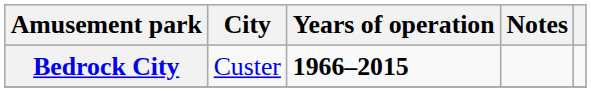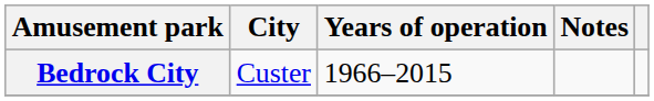 <table class="wikitable plainrowheaders sortable">
 <tr>
 <th scope="col">Amusement park</th>
 <th scope="col">City</th>
 <th scope="col">Years of operation</th>
 <th scope="col" class="unsortable">Notes</th>
 <th scope="col" class="unsortable"></th>
 </tr>
 <tr>
 <th scope="row"><a href='#'>Bedrock City</a></th>
 <td><a href='#'>Custer</a></td>
-<td><strong>1966–2015</strong></td>
+<td>1966–2015</td>
 <td></td>
 <td style="text-align:center;"></td>
 </tr>
 <tr>
 </tr>
 </table>
